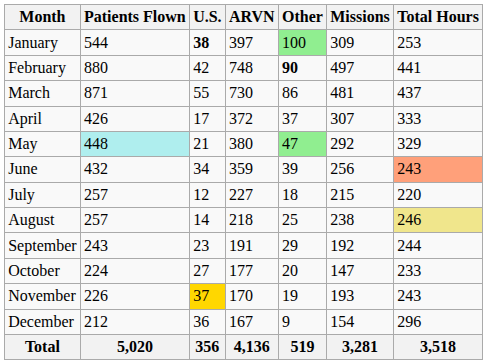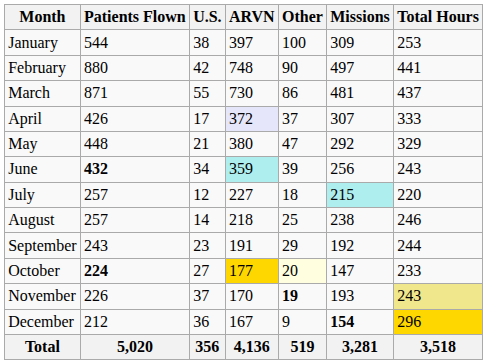 <table class="wikitable">
 <tr>
 <th>Month</th>
 <th>Patients Flown</th>
 <th>U.S.</th>
 <th>ARVN</th>
 <th>Other</th>
 <th>Missions</th>
 <th>Total Hours</th>
 </tr>
 <tr>
 <td>January</td>
 <td>544</td>
-<td><strong>38</strong></td>
+<td>38</td>
 <td>397</td>
-<td style="background: lightgreen;">100</td>
+<td>100</td>
 <td>309</td>
 <td>253</td>
 </tr>
 <tr>
 <td>February</td>
 <td>880</td>
 <td>42</td>
 <td>748</td>
-<td><strong>90</strong></td>
+<td>90</td>
 <td>497</td>
 <td>441</td>
 </tr>
 <tr>
 <td>March</td>
 <td>871</td>
 <td>55</td>
 <td>730</td>
 <td>86</td>
 <td>481</td>
 <td>437</td>
 </tr>
 <tr>
 <td>April</td>
 <td>426</td>
 <td>17</td>
-<td>372</td>
+<td style="background: lavender;">372</td>
 <td>37</td>
 <td>307</td>
 <td>333</td>
 </tr>
 <tr>
 <td>May</td>
-<td style="background: paleturquoise;">448</td>
+<td>448</td>
 <td>21</td>
 <td>380</td>
-<td style="background: lightgreen;">47</td>
+<td>47</td>
 <td>292</td>
 <td>329</td>
 </tr>
 <tr>
 <td>June</td>
-<td>432</td>
+<td><strong>432</strong></td>
 <td>34</td>
-<td>359</td>
+<td style="background: paleturquoise;">359</td>
 <td>39</td>
 <td>256</td>
-<td style="background: lightsalmon;">243</td>
+<td>243</td>
 </tr>
 <tr>
 <td>July</td>
 <td>257</td>
 <td>12</td>
 <td>227</td>
 <td>18</td>
-<td>215</td>
+<td style="background: paleturquoise;">215</td>
 <td>220</td>
 </tr>
 <tr>
 <td>August</td>
 <td>257</td>
 <td>14</td>
 <td>218</td>
 <td>25</td>
 <td>238</td>
-<td style="background: khaki;">246</td>
+<td>246</td>
 </tr>
 <tr>
 <td>September</td>
 <td>243</td>
 <td>23</td>
 <td>191</td>
 <td>29</td>
 <td>192</td>
 <td>244</td>
 </tr>
 <tr>
 <td>October</td>
-<td>224</td>
+<td><strong>224</strong></td>
 <td>27</td>
-<td>177</td>
-<td>20</td>
+<td style="background: gold;">177</td>
+<td style="background: lightyellow;">20</td>
 <td>147</td>
 <td>233</td>
 </tr>
 <tr>
 <td>November</td>
 <td>226</td>
-<td style="background: gold;">37</td>
+<td>37</td>
 <td>170</td>
-<td>19</td>
+<td><strong>19</strong></td>
 <td>193</td>
-<td>243</td>
+<td style="background: khaki;">243</td>
 </tr>
 <tr>
 <td>December</td>
 <td>212</td>
 <td>36</td>
 <td>167</td>
 <td>9</td>
-<td>154</td>
-<td>296</td>
+<td><strong>154</strong></td>
+<td style="background: gold;">296</td>
 </tr>
 <tr>
 <th>Total</th>
 <th>5,020</th>
 <th>356</th>
 <th>4,136</th>
 <th>519</th>
 <th>3,281</th>
 <th>3,518</th>
 </tr>
 <tr>
 </tr>
 </table>
